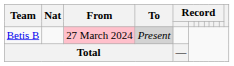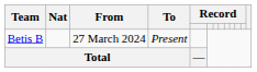 <table class="wikitable" style="text-align: center">
 <tr>
 <th rowspan="2">Team</th>
 <th rowspan="2">Nat</th>
 <th rowspan="2">From</th>
 <th rowspan="2">To</th>
 <th colspan="8">Record</th>
 <th rowspan=2></th>
 </tr>
 <tr>
 <th></th>
 <th></th>
 <th></th>
 <th></th>
 <th></th>
 <th></th>
 <th></th>
 <th></th>
 </tr>
 <tr>
 <td align=left><a href='#'>Betis B</a></td>
 <td></td>
-<td align=left style="background: pink;">27 March 2024</td>
-<td align=left style="background: lightgrey;"><em>Present</em><br></td>
+<td align=left>27 March 2024</td>
+<td align=left><em>Present</em><br></td>
 <td></td>
 </tr>
 <tr>
 <th colspan="4">Total<br></th>
 <th>—</th>
 </tr>
 </table>
